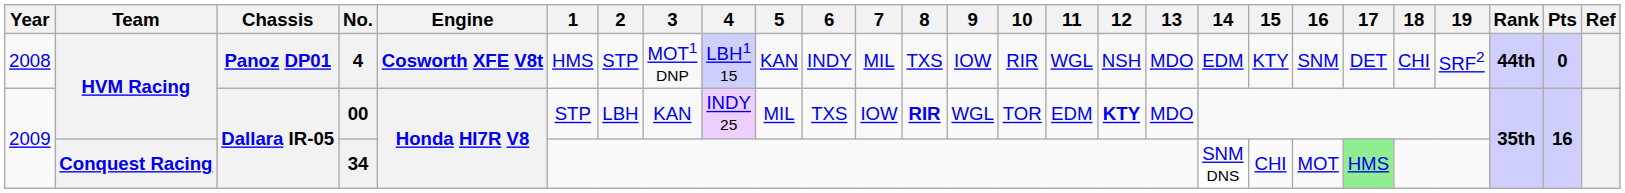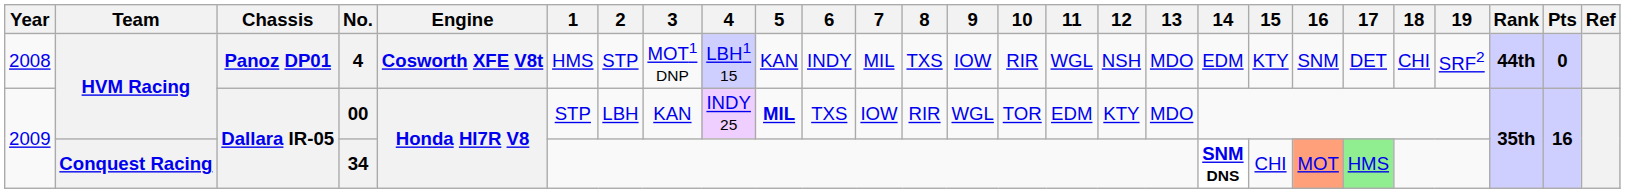 <table class="wikitable" style="text-align:center; font-size:85%">
 <tr>
 <th>Year</th>
 <th>Team</th>
 <th>Chassis</th>
 <th>No.</th>
 <th>Engine</th>
 <th>1</th>
 <th>2</th>
 <th>3</th>
 <th>4</th>
 <th>5</th>
 <th>6</th>
 <th>7</th>
 <th>8</th>
 <th>9</th>
 <th>10</th>
 <th>11</th>
 <th>12</th>
 <th>13</th>
 <th>14</th>
 <th>15</th>
 <th>16</th>
 <th>17</th>
 <th>18</th>
 <th>19</th>
 <th>Rank</th>
 <th>Pts</th>
 <th>Ref</th>
 </tr>
 <tr>
 <td><a href='#'>2008</a></td>
 <th rowspan=2 nowrap><a href='#'>HVM Racing</a></th>
 <th nowrap><a href='#'>Panoz</a> <a href='#'>DP01</a></th>
 <th>4</th>
 <th nowrap><a href='#'>Cosworth</a> <a href='#'>XFE</a> <a href='#'>V8</a><a href='#'>t</a></th>
 <td><a href='#'>HMS</a></td>
 <td><a href='#'>STP</a></td>
 <td><a href='#'>MOT<sup>1</sup></a><br><small>DNP</small></td>
 <td style="background:#CFCFFF;"><a href='#'>LBH<sup>1</sup></a><br><small>15</small></td>
 <td><a href='#'>KAN</a></td>
 <td><a href='#'>INDY</a></td>
 <td><a href='#'>MIL</a></td>
 <td><a href='#'>TXS</a></td>
 <td><a href='#'>IOW</a></td>
 <td><a href='#'>RIR</a></td>
 <td><a href='#'>WGL</a></td>
 <td><a href='#'>NSH</a></td>
 <td><a href='#'>MDO</a></td>
 <td><a href='#'>EDM</a></td>
 <td><a href='#'>KTY</a></td>
 <td><a href='#'>SNM</a></td>
 <td><a href='#'>DET</a></td>
 <td><a href='#'>CHI</a></td>
 <td><a href='#'>SRF<sup>2</sup></a></td>
 <th style="background:#CFCFFF;">44th</th>
 <th style="background:#CFCFFF;">0</th>
 <th></th>
 </tr>
 <tr>
 <td rowspan=2><a href='#'>2009</a></td>
 <th rowspan=2 nowrap><a href='#'>Dallara</a> IR-05</th>
 <th>00</th>
 <th rowspan=2 nowrap><a href='#'>Honda</a> <a href='#'>HI7R</a> <a href='#'>V8</a></th>
 <td><a href='#'>STP</a></td>
 <td><a href='#'>LBH</a></td>
 <td><a href='#'>KAN</a></td>
 <td style="background:#EFCFFF;"><a href='#'>INDY</a><br><small>25</small></td>
-<td><a href='#'>MIL</a></td>
+<td><strong><a href='#'>MIL</a></strong></td>
 <td><a href='#'>TXS</a></td>
 <td><a href='#'>IOW</a></td>
-<td><strong><a href='#'>RIR</a></strong></td>
+<td><a href='#'>RIR</a></td>
 <td><a href='#'>WGL</a></td>
 <td><a href='#'>TOR</a></td>
 <td><a href='#'>EDM</a></td>
-<td><strong><a href='#'>KTY</a></strong></td>
+<td><a href='#'>KTY</a></td>
 <td><a href='#'>MDO</a></td>
 <td colspan=6></td>
 <th rowspan=2 style="background:#CFCFFF;">35th</th>
 <th rowspan=2 style="background:#CFCFFF;">16</th>
 <th rowspan=2></th>
 </tr>
 <tr>
 <th nowrap><a href='#'>Conquest Racing</a></th>
 <th>34</th>
 <td colspan=13></td>
-<td style="background:#FFFFFF;"><a href='#'>SNM</a><br><small>DNS</small></td>
+<td style="background:#FFFFFF;"><strong><a href='#'>SNM</a><br><small>DNS</small></strong></td>
 <td><a href='#'>CHI</a></td>
-<td><a href='#'>MOT</a></td>
+<td style="background: lightsalmon;"><a href='#'>MOT</a></td>
 <td style="background: lightgreen;"><a href='#'>HMS</a></td>
 <td colspan=2></td>
 </tr>
 </table>
